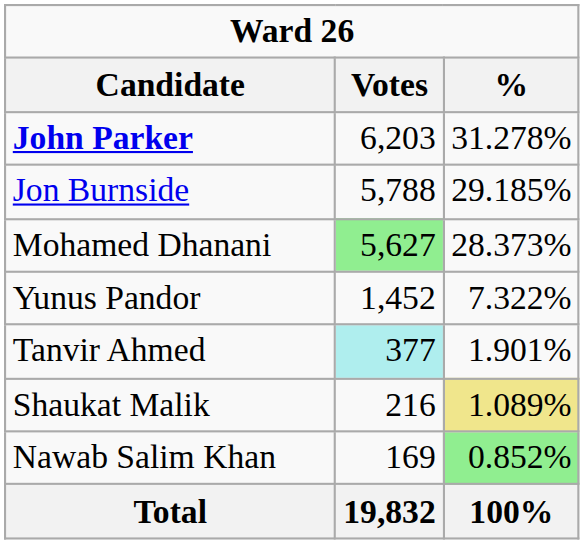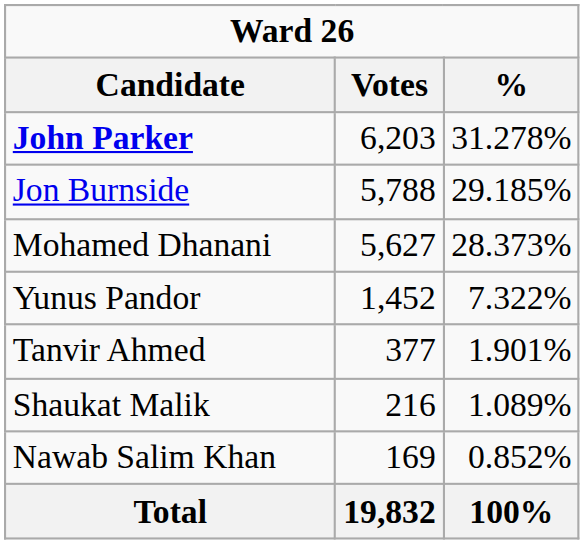 <table class="wikitable">
 <tr>
 <td Colspan="3" align="center"><strong>Ward 26</strong></td>
 </tr>
 <tr>
 <th bgcolor="#DDDDFF" width="150px">Candidate</th>
 <th bgcolor="#DDDDFF">Votes</th>
 <th bgcolor="#DDDDFF">%</th>
 </tr>
 <tr>
 <td><strong><a href='#'>John Parker</a></strong></td>
 <td align=right>6,203</td>
 <td align=right>31.278%</td>
 </tr>
 <tr>
 <td><a href='#'>Jon Burnside</a></td>
 <td align=right>5,788</td>
 <td align=right>29.185%</td>
 </tr>
 <tr>
 <td>Mohamed Dhanani</td>
-<td align=right style="background: lightgreen;">5,627</td>
+<td align=right>5,627</td>
 <td align=right>28.373%</td>
 </tr>
 <tr>
 <td>Yunus Pandor</td>
 <td align=right>1,452</td>
 <td align=right>7.322%</td>
 </tr>
 <tr>
 <td>Tanvir Ahmed</td>
-<td align=right style="background: paleturquoise;">377</td>
+<td align=right>377</td>
 <td align=right>1.901%</td>
 </tr>
 <tr>
 <td>Shaukat Malik</td>
 <td align=right>216</td>
-<td align=right style="background: khaki;">1.089%</td>
+<td align=right>1.089%</td>
 </tr>
 <tr>
 <td>Nawab Salim Khan</td>
 <td align=right>169</td>
-<td align=right style="background: lightgreen;">0.852%</td>
+<td align=right>0.852%</td>
 </tr>
 <tr>
 <th>Total</th>
 <th align=right>19,832</th>
 <th align=right>100%</th>
 </tr>
 </table>
